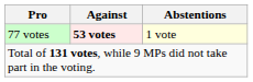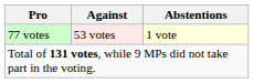 <table class="wikitable" width="25%">
 <tr>
 <th>Pro</th>
 <th>Against</th>
 <th>Abstentions</th>
 </tr>
 <tr>
 <td bgcolor="#CCFFCC">77 votes</td>
-<td bgcolor="#FFE8E8"><strong>53 votes</strong></td>
+<td bgcolor="#FFE8E8">53 votes</td>
 <td bgcolor="#FFFFDD">1 vote</td>
 </tr>
 <tr>
 <td colspan="3">Total of <strong>131 votes</strong>, while 9 MPs did not take part in the voting.</td>
 </tr>
 </table>
